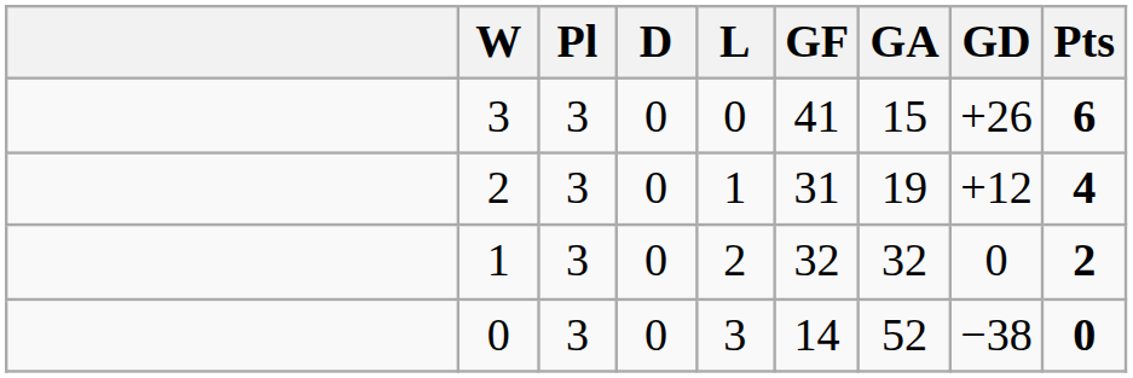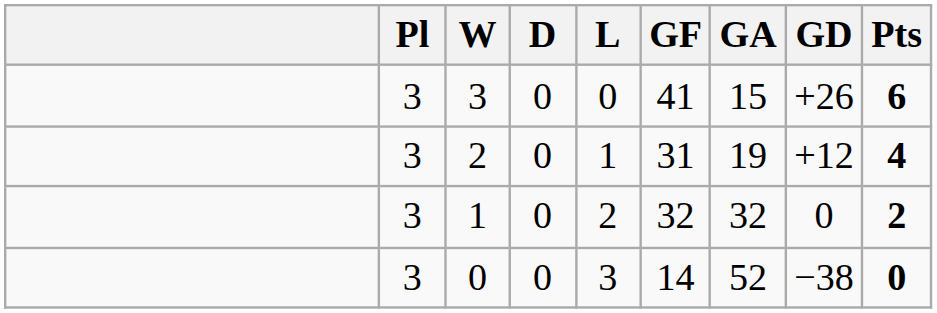 <table class="wikitable" style="text-align:center;">
 <tr>
 <th width=150></th>
+<th width=20>Pl</th>
 <th width=20>W</th>
-<th width=20>Pl</th>
 <th width=20>D</th>
 <th width=20>L</th>
 <th width=20>GF</th>
 <th width=20>GA</th>
 <th width=20>GD</th>
 <th width=20>Pts</th>
 </tr>
 <tr>
 <td align="left"></td>
 <td>3</td>
 <td>3</td>
 <td>0</td>
 <td>0</td>
 <td>41</td>
 <td>15</td>
 <td>+26</td>
 <td><strong>6</strong></td>
 </tr>
 <tr>
 <td align="left"></td>
+<td>3</td>
 <td>2</td>
-<td>3</td>
 <td>0</td>
 <td>1</td>
 <td>31</td>
 <td>19</td>
 <td>+12</td>
 <td><strong>4</strong></td>
 </tr>
 <tr>
 <td align="left"></td>
+<td>3</td>
 <td>1</td>
-<td>3</td>
 <td>0</td>
 <td>2</td>
 <td>32</td>
 <td>32</td>
 <td>0</td>
 <td><strong>2</strong></td>
 </tr>
 <tr>
 <td align="left"></td>
+<td>3</td>
 <td>0</td>
-<td>3</td>
 <td>0</td>
 <td>3</td>
 <td>14</td>
 <td>52</td>
 <td>−38</td>
 <td><strong>0</strong></td>
 </tr>
 </table>
